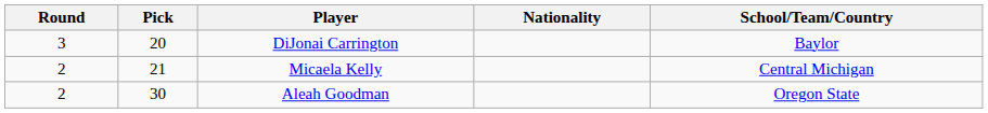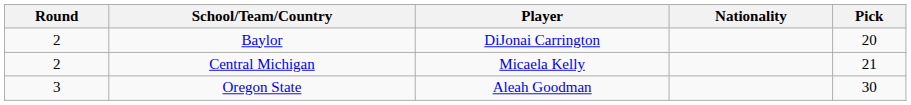 <table class="wikitable" style="text-align:center; width:60em">
 <tr>
 <th>Round</th>
-<th>Pick</th>
+<th>School/Team/Country</th>
 <th>Player</th>
 <th>Nationality</th>
-<th>School/Team/Country</th>
+<th>Pick</th>
+</tr>
+<tr>
+<td>2</td>
+<td><a href='#'>Baylor</a></td>
+<td><a href='#'>DiJonai Carrington</a></td>
+<td></td>
+<td>20</td>
+</tr>
+<tr>
+<td>2</td>
+<td><a href='#'>Central Michigan</a></td>
+<td><a href='#'>Micaela Kelly</a></td>
+<td></td>
+<td>21</td>
 </tr>
 <tr>
 <td>3</td>
-<td>20</td>
-<td><a href='#'>DiJonai Carrington</a></td>
-<td></td>
-<td><a href='#'>Baylor</a></td>
-</tr>
-<tr>
-<td>2</td>
-<td>21</td>
-<td><a href='#'>Micaela Kelly</a></td>
-<td></td>
-<td><a href='#'>Central Michigan</a></td>
-</tr>
-<tr>
-<td>2</td>
-<td>30</td>
+<td><a href='#'>Oregon State</a></td>
 <td><a href='#'>Aleah Goodman</a></td>
 <td></td>
-<td><a href='#'>Oregon State</a></td>
+<td>30</td>
 </tr>
 </table>
